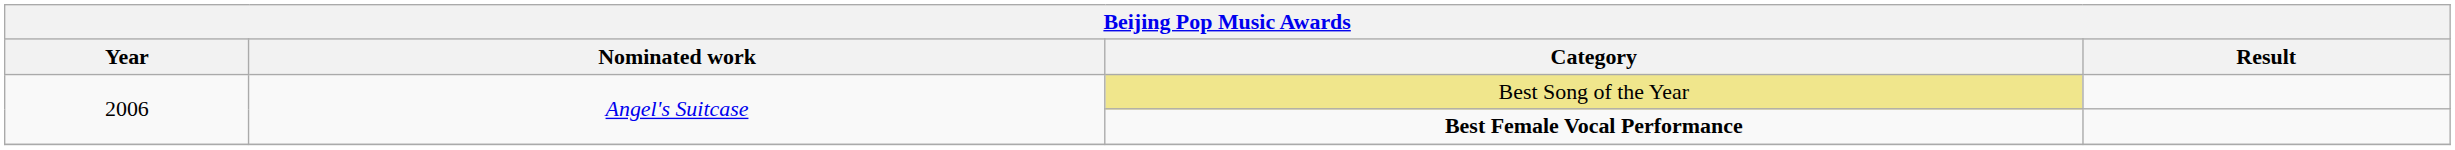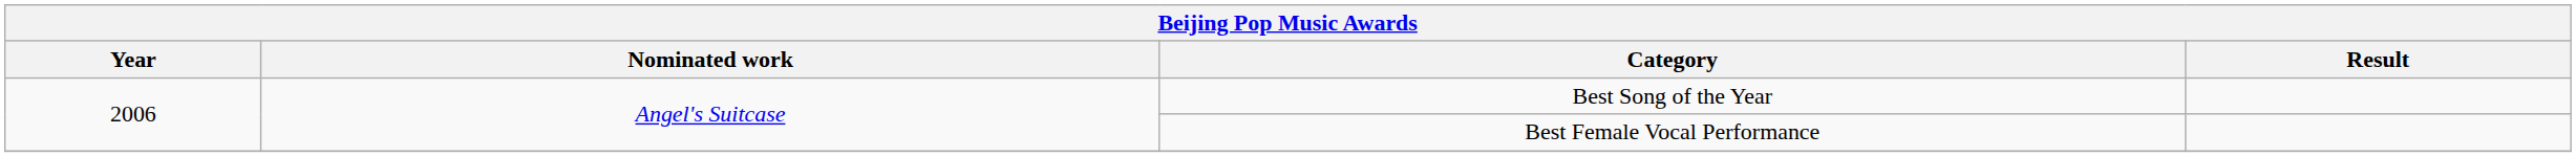 <table width="90%" class="wikitable">
 <tr>
 <th colspan="4" align="center"><a href='#'>Beijing Pop Music Awards</a></th>
 </tr>
 <tr>
 <th width="10%">Year</th>
 <th width="35%">Nominated work</th>
 <th width="40%">Category</th>
 <th width="15%">Result</th>
 </tr>
 <tr>
 <td align="center" rowspan=2>2006</td>
 <td align="center" rowspan=2><em><a href='#'>Angel's Suitcase</a></em></td>
-<td align="center" style="background: khaki;">Best Song of the Year</td>
+<td align="center">Best Song of the Year</td>
 <td></td>
 </tr>
 <tr>
-<td align="center"><strong>Best Female Vocal Performance</strong></td>
+<td align="center">Best Female Vocal Performance</td>
 <td></td>
 </tr>
 <tr>
 </tr>
 </table>
